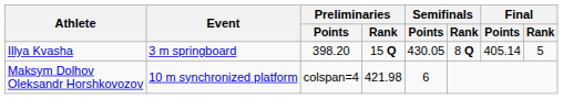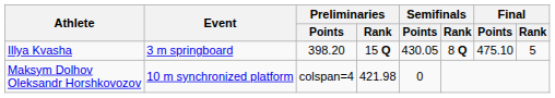 <table class=wikitable style="font-size:90%">
 <tr>
 <th rowspan="2">Athlete</th>
 <th rowspan="2">Event</th>
 <th colspan="2">Preliminaries</th>
 <th colspan="2">Semifinals</th>
 <th colspan="2">Final</th>
 </tr>
 <tr style="font-size:95%">
 <th>Points</th>
 <th>Rank</th>
 <th>Points</th>
 <th>Rank</th>
 <th>Points</th>
 <th>Rank</th>
 </tr>
 <tr align=center>
 <td align=left><a href='#'>Illya Kvasha</a></td>
 <td align=left><a href='#'>3 m springboard</a></td>
 <td>398.20</td>
 <td>15 <strong>Q</strong></td>
 <td>430.05</td>
 <td>8 <strong>Q</strong></td>
-<td>405.14</td>
+<td>475.10</td>
 <td>5</td>
 </tr>
 <tr align=center>
 <td align=left><a href='#'>Maksym Dolhov</a><br><a href='#'>Oleksandr Horshkovozov</a></td>
 <td align=left><a href='#'>10 m synchronized platform</a></td>
 <td>colspan=4 </td>
 <td>421.98</td>
-<td>6</td>
+<td>0</td>
 </tr>
 </table>
